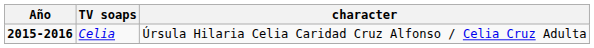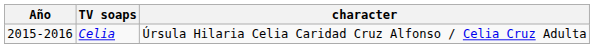 <table class="wikitable">
 <tr>
 <th>Año</th>
 <th>TV soaps</th>
 <th>character</th>
 </tr>
 <tr>
-<td><strong>2015-2016</strong></td>
+<td>2015-2016</td>
 <td><em><a href='#'>Celia</a></em></td>
 <td>Úrsula Hilaria Celia Caridad Cruz Alfonso / <a href='#'>Celia Cruz</a> Adulta</td>
 </tr>
 <tr>
 </tr>
 </table>
